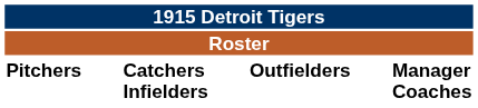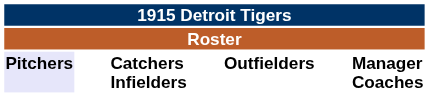 <table class="toccolours" style="font-size: 95%;">
 <tr>
 <th colspan="10" style="background-color: #003366; color: white; text-align: center;">1915 Detroit Tigers</th>
 </tr>
 <tr>
 <td colspan="10" style="background-color: #bd5d29; color: white; text-align: center;"><strong>Roster</strong></td>
 </tr>
 <tr>
-<td valign="top"><strong>Pitchers</strong><br>           </td>
+<td valign="top" style="background: lavender;"><strong>Pitchers</strong><br>           </td>
 <td width="25px"></td>
 <td valign="top"><strong>Catchers</strong><br>    <strong>Infielders</strong>        </td>
 <td width="25px"></td>
 <td valign="top"><strong>Outfielders</strong><br>  </td>
 <td width="25px"></td>
 <td valign="top"><strong>Manager</strong><br> <strong>Coaches</strong>  </td>
 </tr>
 </table>
